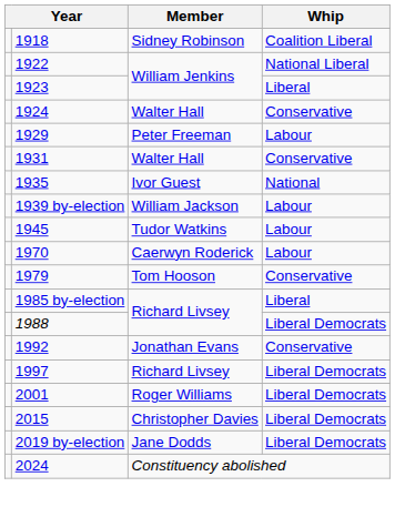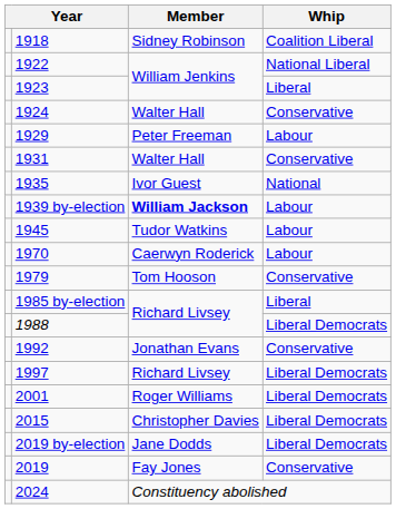 <table class="wikitable">
 <tr>
 <th colspan=2>Year</th>
 <th>Member</th>
 <th>Whip</th>
 </tr>
 <tr>
 <td style="color:inherit;background-color: "></td>
 <td><a href='#'>1918</a></td>
 <td><a href='#'>Sidney Robinson</a></td>
 <td><a href='#'>Coalition Liberal</a></td>
 </tr>
 <tr>
 <td style="color:inherit;background-color: "></td>
 <td><a href='#'>1922</a></td>
 <td rowspan="2"><a href='#'>William Jenkins</a></td>
 <td><a href='#'>National Liberal</a></td>
 </tr>
 <tr>
 <td style="color:inherit;background-color: "></td>
 <td><a href='#'>1923</a></td>
 <td><a href='#'>Liberal</a></td>
 </tr>
 <tr>
 <td style="color:inherit;background-color: "></td>
 <td><a href='#'>1924</a></td>
 <td><a href='#'>Walter Hall</a></td>
 <td><a href='#'>Conservative</a></td>
 </tr>
 <tr>
 <td style="color:inherit;background-color: "></td>
 <td><a href='#'>1929</a></td>
 <td><a href='#'>Peter Freeman</a></td>
 <td><a href='#'>Labour</a></td>
 </tr>
 <tr>
 <td style="color:inherit;background-color: "></td>
 <td><a href='#'>1931</a></td>
 <td><a href='#'>Walter Hall</a></td>
 <td><a href='#'>Conservative</a></td>
 </tr>
 <tr>
 <td style="color:inherit;background-color: "></td>
 <td><a href='#'>1935</a></td>
 <td><a href='#'>Ivor Guest</a></td>
 <td><a href='#'>National</a></td>
 </tr>
 <tr>
 <td style="color:inherit;background-color: "></td>
 <td><a href='#'>1939 by-election</a></td>
-<td><a href='#'>William Jackson</a></td>
+<td><strong><a href='#'>William Jackson</a></strong></td>
 <td><a href='#'>Labour</a></td>
 </tr>
 <tr>
 <td style="color:inherit;background-color: "></td>
 <td><a href='#'>1945</a></td>
 <td><a href='#'>Tudor Watkins</a></td>
 <td><a href='#'>Labour</a></td>
 </tr>
 <tr>
 <td style="color:inherit;background-color: "></td>
 <td><a href='#'>1970</a></td>
 <td><a href='#'>Caerwyn Roderick</a></td>
 <td><a href='#'>Labour</a></td>
 </tr>
 <tr>
 <td style="color:inherit;background-color: "></td>
 <td><a href='#'>1979</a></td>
 <td><a href='#'>Tom Hooson</a></td>
 <td><a href='#'>Conservative</a></td>
 </tr>
 <tr>
 <td style="color:inherit;background-color: "></td>
 <td><a href='#'>1985 by-election</a></td>
 <td rowspan=2><a href='#'>Richard Livsey</a></td>
 <td><a href='#'>Liberal</a></td>
 </tr>
 <tr>
 <td style="color:inherit;background-color: "></td>
 <td><em>1988</em></td>
 <td><a href='#'>Liberal Democrats</a></td>
 </tr>
 <tr>
 <td style="color:inherit;background-color: "></td>
 <td><a href='#'>1992</a></td>
 <td><a href='#'>Jonathan Evans</a></td>
 <td><a href='#'>Conservative</a></td>
 </tr>
 <tr>
 <td style="color:inherit;background-color: "></td>
 <td><a href='#'>1997</a></td>
 <td><a href='#'>Richard Livsey</a></td>
 <td><a href='#'>Liberal Democrats</a></td>
 </tr>
 <tr>
 <td style="color:inherit;background-color: "></td>
 <td><a href='#'>2001</a></td>
 <td><a href='#'>Roger Williams</a></td>
 <td><a href='#'>Liberal Democrats</a></td>
 </tr>
 <tr>
 <td style="color:inherit;background-color: "></td>
 <td><a href='#'>2015</a></td>
 <td><a href='#'>Christopher Davies</a></td>
 <td><a href='#'>Liberal Democrats</a></td>
 </tr>
 <tr>
 <td style="color:inherit;background-color: "></td>
 <td><a href='#'>2019 by-election</a></td>
 <td><a href='#'>Jane Dodds</a></td>
 <td><a href='#'>Liberal Democrats</a></td>
 </tr>
 <tr>
+<td style="color:inherit;background-color: "></td>
+<td><a href='#'>2019</a></td>
+<td><a href='#'>Fay Jones</a></td>
+<td><a href='#'>Conservative</a></td>
+</tr>
+<tr>
 <td></td>
 <td><a href='#'>2024</a></td>
 <td colspan="2"><em>Constituency abolished</em></td>
 </tr>
 </table>
